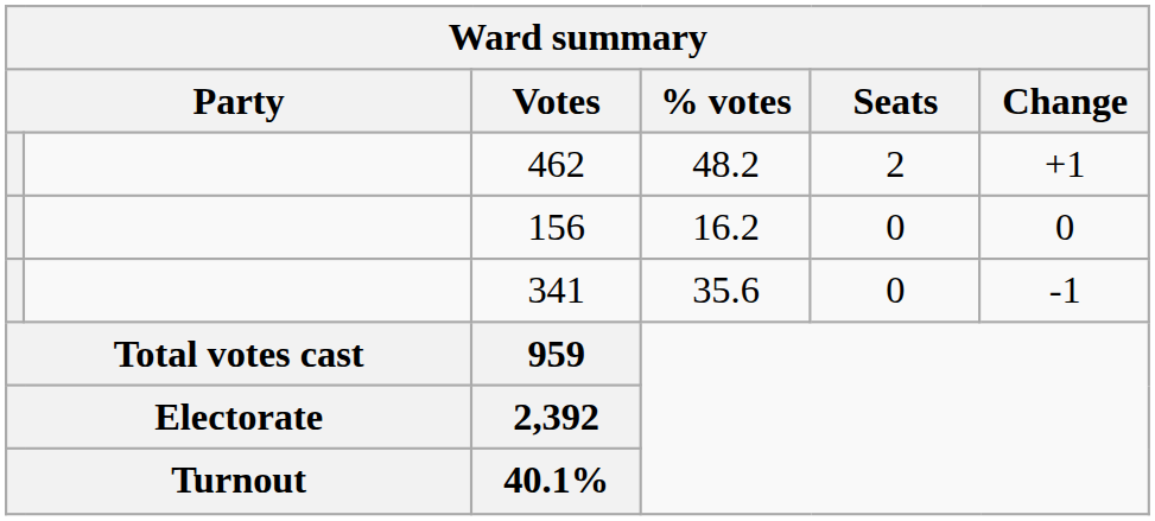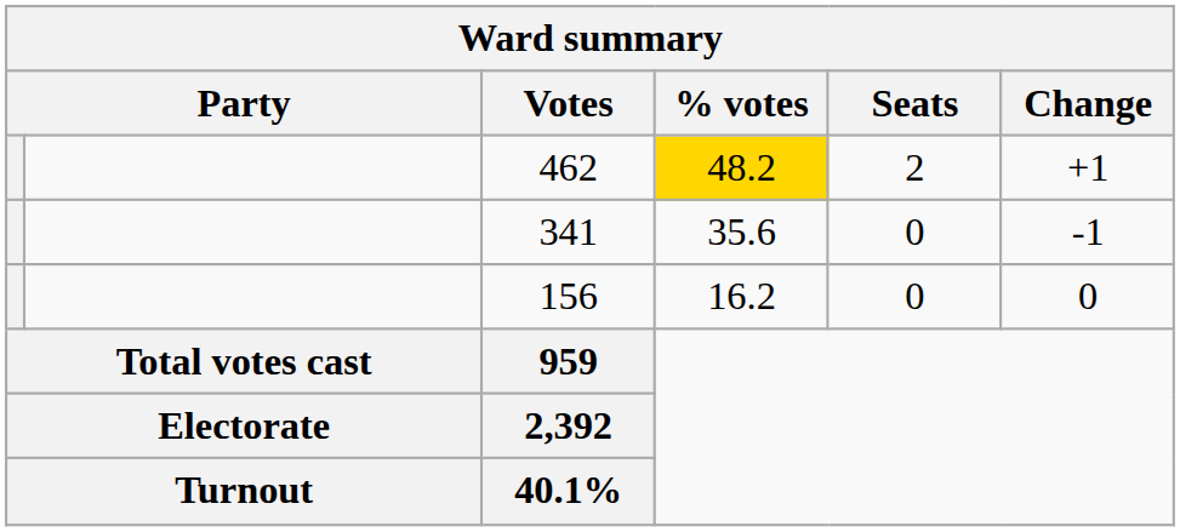 <table class="wikitable" style="font-size: 95%;">
 <tr style="background-color:#E9E9E9">
 <th colspan="6">Ward summary</th>
 </tr>
 <tr style="background-color:#E9E9E9">
 <th colspan="2">Party</th>
 <th style="width: 60px">Votes</th>
 <th style="width: 60px">% votes</th>
 <th style="width: 60px">Seats</th>
 <th style="width: 60px">Change</th>
 </tr>
 <tr>
 <th style="background-color: "></th>
 <td style="width: 170px"><a href='#'></a></td>
 <td align="center">462</td>
-<td align="center">48.2</td>
+<td align="center" style="background: gold;">48.2</td>
 <td align="center">2</td>
 <td align="center">+1</td>
+</tr>
+<tr>
+<th style="background-color: "></th>
+<td style="width: 170px"><a href='#'></a></td>
+<td align="center">341</td>
+<td align="center">35.6</td>
+<td align="center">0</td>
+<td align="center">-1</td>
 </tr>
 <tr>
 <th style="background-color: "></th>
 <td style="width: 170px"><a href='#'></a></td>
 <td align="center">156</td>
 <td align="center">16.2</td>
 <td align="center">0</td>
 <td align="center">0</td>
-</tr>
-<tr>
-<th style="background-color: "></th>
-<td style="width: 170px"><a href='#'></a></td>
-<td align="center">341</td>
-<td align="center">35.6</td>
-<td align="center">0</td>
-<td align="center">-1</td>
 </tr>
 <tr style="background-color:#E9E9E9">
 <th colspan="2">Total votes cast</th>
 <th style="width: 60px">959</th>
 </tr>
 <tr style="background-color:#E9E9E9">
 <th colspan="2">Electorate</th>
 <th style="width: 60px">2,392</th>
 </tr>
 <tr style="background-color:#E9E9E9">
 <th colspan="2">Turnout</th>
 <th style="width: 60px">40.1%</th>
 </tr>
 </table>
